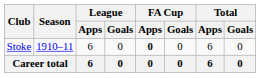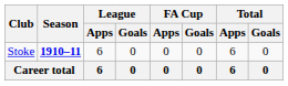 <table class="wikitable" style="text-align: center;">
 <tr>
 <th rowspan="2">Club</th>
 <th rowspan="2">Season</th>
 <th colspan="2">League</th>
 <th colspan="2">FA Cup</th>
 <th colspan="2">Total</th>
 </tr>
 <tr>
 <th>Apps</th>
 <th>Goals</th>
 <th>Apps</th>
 <th>Goals</th>
 <th>Apps</th>
 <th>Goals</th>
 </tr>
 <tr>
 <td><a href='#'>Stoke</a></td>
-<td><a href='#'>1910–11</a></td>
+<td><strong><a href='#'>1910–11</a></strong></td>
 <td>6</td>
 <td>0</td>
-<td><strong>0</strong></td>
+<td>0</td>
 <td>0</td>
 <td>6</td>
 <td>0</td>
 </tr>
 <tr>
 <th colspan="2">Career total</th>
 <th>6</th>
 <th>0</th>
 <th>0</th>
 <th>0</th>
 <th>6</th>
 <th>0</th>
 </tr>
 </table>
